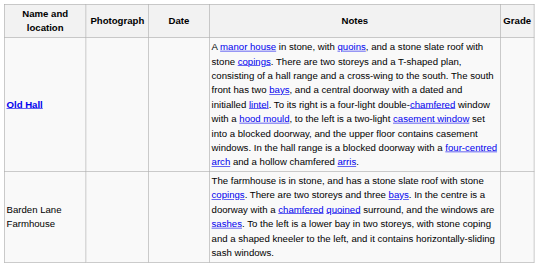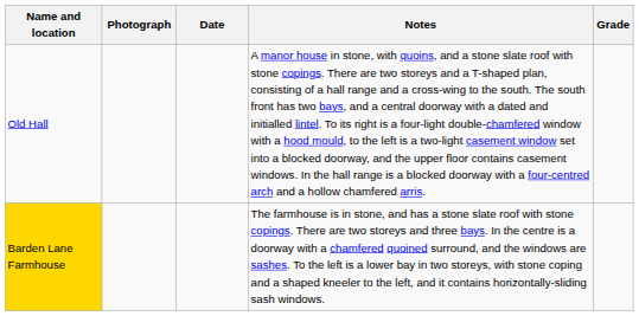 <table class="wikitable sortable plainrowheaders" style="width:100%; border:0px; text-align:left; line-height:150%">
 <tr>
 <th scope="col"  style="width:150px">Name and location</th>
 <th scope="col"  style="width:100px" class="unsortable">Photograph</th>
 <th scope="col"  style="width:120px">Date</th>
 <th scope="col"  style="width:650px" class="unsortable">Notes</th>
 <th scope="col"  style="width:50px">Grade</th>
 </tr>
 <tr>
-<td><strong><a href='#'>Old Hall</a><br><small></small></strong></td>
+<td><a href='#'>Old Hall</a><br><small></small></td>
 <td></td>
 <td align="center"></td>
 <td>A <a href='#'>manor house</a> in stone, with <a href='#'>quoins</a>, and a stone slate roof with stone <a href='#'>copings</a>.  There are two storeys and a T-shaped plan, consisting of a hall range and a cross-wing to the south.  The south front has two <a href='#'>bays</a>, and a central doorway with a dated and initialled <a href='#'>lintel</a>.  To its right is a four-light double-<a href='#'>chamfered</a> window with a <a href='#'>hood mould</a>, to the left is a two-light <a href='#'>casement window</a> set into a blocked doorway, and the upper floor contains casement windows.  In the hall range is a blocked doorway with a <a href='#'>four-centred arch</a> and a hollow chamfered <a href='#'>arris</a>.</td>
 <td align="center" ></td>
 </tr>
 <tr>
-<td>Barden Lane Farmhouse<br><small></small></td>
+<td style="background: gold;">Barden Lane Farmhouse<br><small></small></td>
 <td></td>
 <td align="center"></td>
 <td>The farmhouse is in stone, and has a stone slate roof with stone <a href='#'>copings</a>.  There are two storeys and three <a href='#'>bays</a>.  In the centre is a doorway with a <a href='#'>chamfered</a> <a href='#'>quoined</a> surround, and the windows are <a href='#'>sashes</a>.  To the left is a lower bay in two storeys, with stone coping and a shaped kneeler to the left, and it contains horizontally-sliding sash windows.</td>
 <td align="center" ></td>
 </tr>
 <tr>
 </tr>
 </table>
